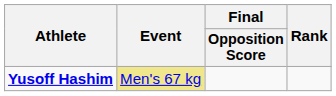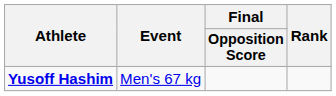 <table class="wikitable" style="font-size:90%">
 <tr>
 <th rowspan=2>Athlete</th>
 <th rowspan=2>Event</th>
 <th>Final</th>
 <th rowspan=2>Rank</th>
 </tr>
 <tr style="font-size:95%">
 <th>Opposition<br>Score</th>
 </tr>
 <tr>
 <td><strong><a href='#'>Yusoff Hashim</a></strong></td>
-<td style="background: khaki;"><a href='#'>Men's 67 kg</a></td>
+<td><a href='#'>Men's 67 kg</a></td>
 <td></td>
 <td align=center></td>
 </tr>
 </table>
